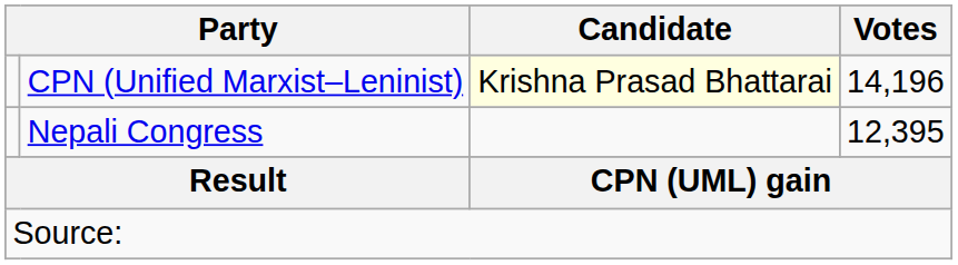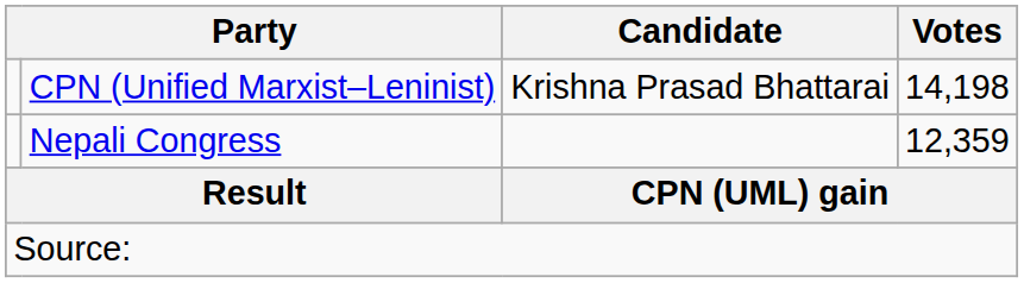 <table class="wikitable">
 <tr>
 <th colspan="2">Party</th>
 <th>Candidate</th>
 <th>Votes</th>
 </tr>
 <tr>
 <td style="background-color:"></td>
 <td><a href='#'>CPN (Unified Marxist–Leninist)</a></td>
-<td style="background: lightyellow;">Krishna Prasad Bhattarai</td>
-<td>14,196</td>
+<td>Krishna Prasad Bhattarai</td>
+<td>14,198</td>
 </tr>
 <tr>
 <td style="background-color:"></td>
 <td><a href='#'>Nepali Congress</a></td>
 <td></td>
-<td>12,395</td>
+<td>12,359</td>
 </tr>
 <tr>
 <th colspan="2">Result</th>
 <th colspan="2">CPN (UML) gain</th>
 </tr>
 <tr>
 <td colspan="4">Source: </td>
 </tr>
 </table>
